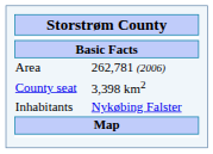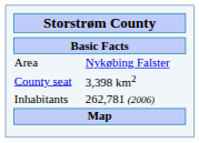 <table colspan="4" width=250 style="border: 1px solid #6688AA; background-color:#f0f6fa; margin:0.5em; padding:0.5em; float:right" valign="top" |>
 <tr>
 <td style="border: 1px solid #1188AA; background-color:#c0ccfa" align="center" colspan="2"><big><strong>Storstrøm County</strong></big><br></td>
 </tr>
 <tr>
 <td bgcolor=#FFFFFF align="center" colspan="2"></td>
 </tr>
 <tr>
 <td style="border: 1px solid #1188AA; background-color:#c0ccfa" align="center" colspan="2"><strong>Basic Facts</strong></td>
 </tr>
 <tr>
 <td>Area</td>
-<td>262,781 <small><em>(2006)</em></small></td>
+<td><a href='#'>Nykøbing Falster</a></td>
 </tr>
 <tr>
 <td><a href='#'>County seat</a></td>
 <td>3,398 km<sup>2</sup></td>
 </tr>
 <tr>
 <td>Inhabitants</td>
-<td><a href='#'>Nykøbing Falster</a></td>
+<td>262,781 <small><em>(2006)</em></small></td>
 </tr>
 <tr>
 <td style="border: 1px solid #1188AA; background-color:#c0ccfa" align="center" colspan="2"><strong>Map</strong></td>
 </tr>
 <tr>
 <td bgcolor=#FFFFFF align="center" colspan="2"></td>
 </tr>
 <tr>
 </tr>
 </table>
